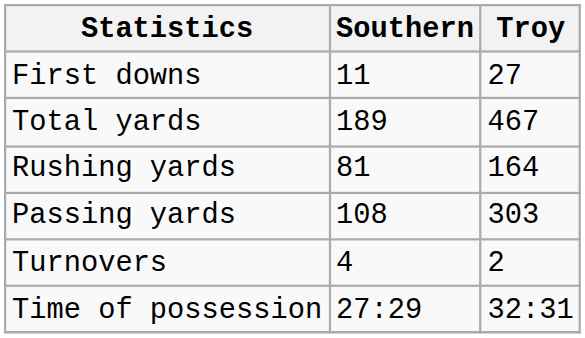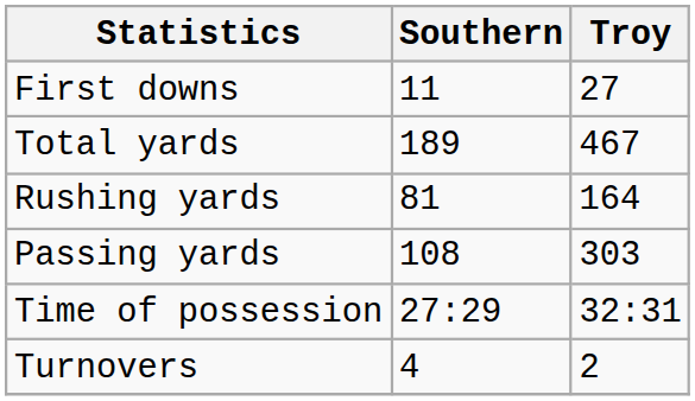 <table class="wikitable">
 <tr>
 <th>Statistics</th>
 <th>Southern</th>
 <th>Troy</th>
 </tr>
 <tr>
 <td>First downs</td>
 <td>11</td>
 <td>27</td>
 </tr>
 <tr>
 <td>Total yards</td>
 <td>189</td>
 <td>467</td>
 </tr>
 <tr>
 <td>Rushing yards</td>
 <td>81</td>
 <td>164</td>
 </tr>
 <tr>
 <td>Passing yards</td>
 <td>108</td>
 <td>303</td>
 </tr>
 <tr>
+<td>Time of possession</td>
+<td>27:29</td>
+<td>32:31</td>
+</tr>
+<tr>
 <td>Turnovers</td>
 <td>4</td>
 <td>2</td>
 </tr>
 <tr>
-<td>Time of possession</td>
-<td>27:29</td>
-<td>32:31</td>
-</tr>
-<tr>
 </tr>
 </table>
